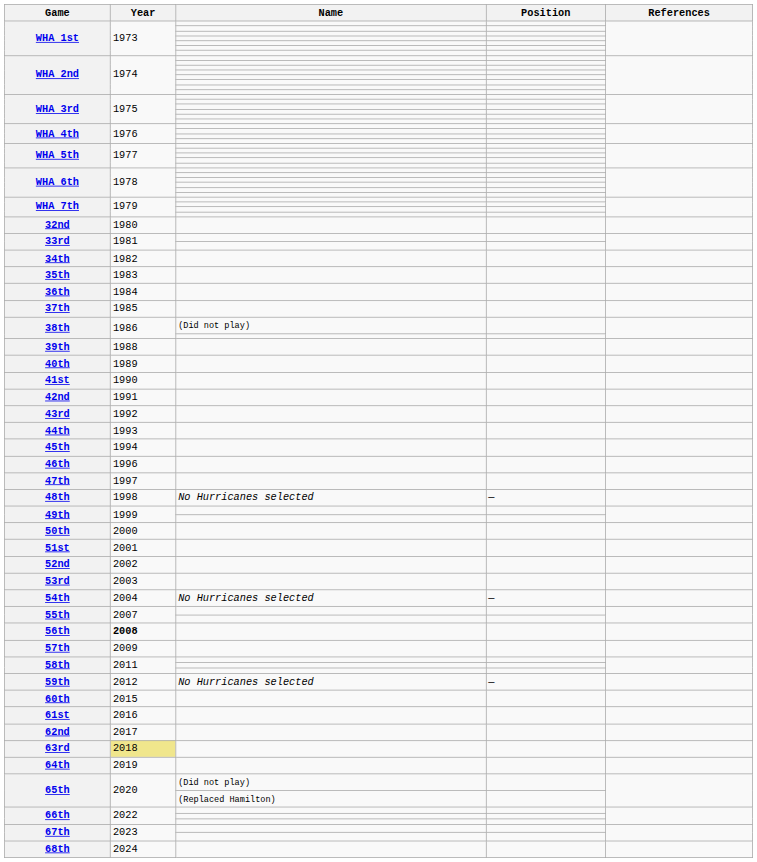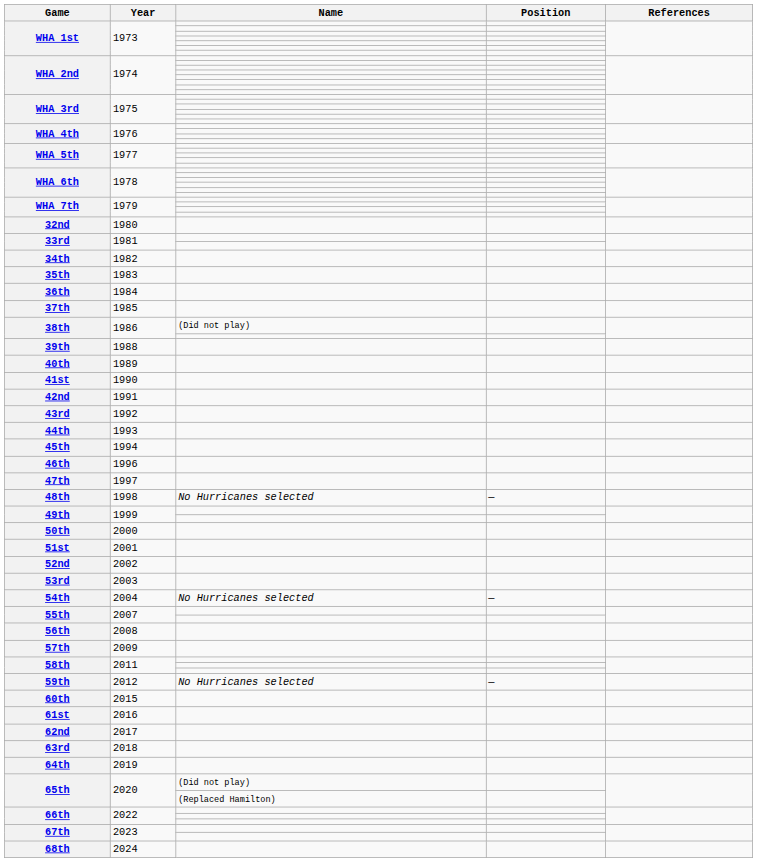 <table class="wikitable sortable" width="75%">
 <tr>
 <th scope="col">Game</th>
 <th scope="col">Year</th>
 <th scope="col">Name</th>
 <th scope="col">Position</th>
 <th scope="col" class="unsortable">References</th>
 </tr>
 <tr>
 <th scope="row" rowspan="7"><a href='#'>WHA 1st</a></th>
 <td rowspan="7">1973</td>
 <td></td>
 <td></td>
 <td rowspan="7"></td>
 </tr>
 <tr>
 <td></td>
 <td></td>
 </tr>
 <tr>
 <td></td>
 <td></td>
 </tr>
 <tr>
 <td></td>
 <td></td>
 </tr>
 <tr>
 <td></td>
 <td></td>
 </tr>
 <tr>
 <td></td>
 <td></td>
 </tr>
 <tr>
 <td></td>
 <td></td>
 </tr>
 <tr>
 <th scope="row" rowspan="8"><a href='#'>WHA 2nd</a></th>
 <td rowspan="8">1974</td>
 <td></td>
 <td></td>
 <td rowspan="8"></td>
 </tr>
 <tr>
 <td></td>
 <td></td>
 </tr>
 <tr>
 <td></td>
 <td></td>
 </tr>
 <tr>
 <td></td>
 <td></td>
 </tr>
 <tr>
 <td></td>
 <td></td>
 </tr>
 <tr>
 <td></td>
 <td></td>
 </tr>
 <tr>
 <td></td>
 <td></td>
 </tr>
 <tr>
 <td></td>
 <td></td>
 </tr>
 <tr>
 <th scope="row" rowspan="6"><a href='#'>WHA 3rd</a></th>
 <td rowspan="6">1975</td>
 <td></td>
 <td></td>
 <td rowspan="6"></td>
 </tr>
 <tr>
 <td></td>
 <td></td>
 </tr>
 <tr>
 <td></td>
 <td></td>
 </tr>
 <tr>
 <td></td>
 <td></td>
 </tr>
 <tr>
 <td></td>
 <td></td>
 </tr>
 <tr>
 <td></td>
 <td></td>
 </tr>
 <tr>
 <th scope="row" rowspan="4"><a href='#'>WHA 4th</a></th>
 <td rowspan="4">1976</td>
 <td></td>
 <td></td>
 <td rowspan="4"></td>
 </tr>
 <tr>
 <td></td>
 <td></td>
 </tr>
 <tr>
 <td></td>
 <td></td>
 </tr>
 <tr>
 <td></td>
 <td></td>
 </tr>
 <tr>
 <th scope="row" rowspan="5"><a href='#'>WHA 5th</a></th>
 <td rowspan="5">1977</td>
 <td></td>
 <td></td>
 <td rowspan="5"></td>
 </tr>
 <tr>
 <td></td>
 <td></td>
 </tr>
 <tr>
 <td></td>
 <td></td>
 </tr>
 <tr>
 <td></td>
 <td></td>
 </tr>
 <tr>
 <td></td>
 <td></td>
 </tr>
 <tr>
 <th scope="row" rowspan="6"><a href='#'>WHA 6th</a></th>
 <td rowspan="6">1978</td>
 <td></td>
 <td></td>
 <td rowspan="6"></td>
 </tr>
 <tr>
 <td></td>
 <td></td>
 </tr>
 <tr>
 <td></td>
 <td></td>
 </tr>
 <tr>
 <td></td>
 <td></td>
 </tr>
 <tr>
 <td></td>
 <td></td>
 </tr>
 <tr>
 <td></td>
 <td></td>
 </tr>
 <tr>
 <th scope="row" rowspan="4"><a href='#'>WHA 7th</a></th>
 <td rowspan="4">1979</td>
 <td></td>
 <td></td>
 <td rowspan="4"></td>
 </tr>
 <tr>
 <td></td>
 <td></td>
 </tr>
 <tr>
 <td></td>
 <td></td>
 </tr>
 <tr>
 <td></td>
 <td></td>
 </tr>
 <tr>
 <th scope="row"><a href='#'>32nd</a></th>
 <td>1980</td>
 <td></td>
 <td></td>
 <td></td>
 </tr>
 <tr>
 <th scope="row" rowspan="2"><a href='#'>33rd</a></th>
 <td rowspan="2">1981</td>
 <td></td>
 <td></td>
 <td rowspan="2"></td>
 </tr>
 <tr>
 <td></td>
 <td></td>
 </tr>
 <tr>
 <th scope="row"><a href='#'>34th</a></th>
 <td>1982</td>
 <td></td>
 <td></td>
 <td></td>
 </tr>
 <tr>
 <th scope="row"><a href='#'>35th</a></th>
 <td>1983</td>
 <td></td>
 <td></td>
 <td></td>
 </tr>
 <tr>
 <th scope="row"><a href='#'>36th</a></th>
 <td>1984</td>
 <td></td>
 <td></td>
 <td></td>
 </tr>
 <tr>
 <th scope="row"><a href='#'>37th</a></th>
 <td>1985</td>
 <td></td>
 <td></td>
 <td></td>
 </tr>
 <tr>
 <th scope="row" rowspan="2"><a href='#'>38th</a></th>
 <td rowspan="2">1986</td>
 <td> <small>(Did not play)</small></td>
 <td></td>
 <td rowspan="2"></td>
 </tr>
 <tr>
 <td></td>
 <td></td>
 </tr>
 <tr>
 <th scope="row"><a href='#'>39th</a></th>
 <td>1988</td>
 <td></td>
 <td></td>
 <td></td>
 </tr>
 <tr>
 <th scope="row"><a href='#'>40th</a></th>
 <td>1989</td>
 <td></td>
 <td></td>
 <td></td>
 </tr>
 <tr>
 <th scope="row"><a href='#'>41st</a></th>
 <td>1990</td>
 <td></td>
 <td></td>
 <td></td>
 </tr>
 <tr>
 <th scope="row"><a href='#'>42nd</a></th>
 <td>1991</td>
 <td></td>
 <td></td>
 <td></td>
 </tr>
 <tr>
 <th scope="row"><a href='#'>43rd</a></th>
 <td>1992</td>
 <td></td>
 <td></td>
 <td></td>
 </tr>
 <tr>
 <th scope="row"><a href='#'>44th</a></th>
 <td>1993</td>
 <td></td>
 <td></td>
 <td></td>
 </tr>
 <tr>
 <th scope="row"><a href='#'>45th</a></th>
 <td>1994</td>
 <td></td>
 <td></td>
 <td></td>
 </tr>
 <tr>
 <th scope="row"><a href='#'>46th</a></th>
 <td>1996</td>
 <td></td>
 <td></td>
 <td></td>
 </tr>
 <tr>
 <th scope="row"><a href='#'>47th</a></th>
 <td>1997</td>
 <td></td>
 <td></td>
 <td></td>
 </tr>
 <tr>
 <th scope="row"><a href='#'>48th</a></th>
 <td>1998</td>
 <td><em>No Hurricanes selected</em></td>
 <td>—</td>
 <td></td>
 </tr>
 <tr>
 <th scope="row" rowspan="2"><a href='#'>49th</a></th>
 <td rowspan="2">1999</td>
 <td></td>
 <td></td>
 <td rowspan="2"></td>
 </tr>
 <tr>
 <td></td>
 <td></td>
 </tr>
 <tr>
 <th scope="row"><a href='#'>50th</a></th>
 <td>2000</td>
 <td></td>
 <td></td>
 <td></td>
 </tr>
 <tr>
 <th scope="row"><a href='#'>51st</a></th>
 <td>2001</td>
 <td></td>
 <td></td>
 <td></td>
 </tr>
 <tr>
 <th scope="row"><a href='#'>52nd</a></th>
 <td>2002</td>
 <td></td>
 <td></td>
 <td></td>
 </tr>
 <tr>
 <th scope="row"><a href='#'>53rd</a></th>
 <td>2003</td>
 <td></td>
 <td></td>
 <td></td>
 </tr>
 <tr>
 <th scope="row"><a href='#'>54th</a></th>
 <td>2004</td>
 <td><em>No Hurricanes selected</em></td>
 <td>—</td>
 <td></td>
 </tr>
 <tr>
 <th scope="row" rowspan="2"><a href='#'>55th</a></th>
 <td rowspan="2">2007</td>
 <td></td>
 <td></td>
 <td rowspan="2"></td>
 </tr>
 <tr>
 <td></td>
 <td></td>
 </tr>
 <tr>
 <th scope="row"><a href='#'>56th</a></th>
-<td><strong>2008</strong></td>
+<td>2008</td>
 <td></td>
 <td></td>
 <td></td>
 </tr>
 <tr>
 <th scope="row"><a href='#'>57th</a></th>
 <td>2009</td>
 <td></td>
 <td></td>
 <td></td>
 </tr>
 <tr>
 <th scope="row" rowspan="3"><a href='#'>58th</a></th>
 <td rowspan="3">2011</td>
 <td></td>
 <td></td>
 <td rowspan="3"></td>
 </tr>
 <tr>
 <td></td>
 <td></td>
 </tr>
 <tr>
 <td></td>
 <td></td>
 </tr>
 <tr>
 <th scope="row"><a href='#'>59th</a></th>
 <td>2012</td>
 <td><em>No Hurricanes selected</em></td>
 <td>—</td>
 <td></td>
 </tr>
 <tr>
 <th scope="row"><a href='#'>60th</a></th>
 <td>2015</td>
 <td></td>
 <td></td>
 <td></td>
 </tr>
 <tr>
 <th scope="row"><a href='#'>61st</a></th>
 <td>2016</td>
 <td></td>
 <td></td>
 <td></td>
 </tr>
 <tr>
 <th scope="row"><a href='#'>62nd</a></th>
 <td>2017</td>
 <td></td>
 <td></td>
 <td></td>
 </tr>
 <tr>
 <th scope="row"><a href='#'>63rd</a></th>
-<td style="background: khaki;">2018</td>
+<td>2018</td>
 <td></td>
 <td></td>
 <td></td>
 </tr>
 <tr>
 <th scope="row"><a href='#'>64th</a></th>
 <td>2019</td>
 <td></td>
 <td></td>
 <td></td>
 </tr>
 <tr>
 <th scope="row"  rowspan="2"><a href='#'>65th</a></th>
 <td rowspan="2">2020</td>
 <td> <small>(Did not play)</small></td>
 <td></td>
 <td rowspan="2"></td>
 </tr>
 <tr>
 <td> <small>(Replaced Hamilton)</small></td>
 <td></td>
 </tr>
 <tr>
 <th scope="row" rowspan="3"><a href='#'>66th</a></th>
 <td rowspan="3">2022</td>
 <td></td>
 <td></td>
 <td rowspan="3"></td>
 </tr>
 <tr>
 <td></td>
 <td></td>
 </tr>
 <tr>
 <td></td>
 <td></td>
 </tr>
 <tr>
 <th scope="row" rowspan="2"><a href='#'>67th</a></th>
 <td rowspan="2">2023</td>
 <td></td>
 <td></td>
 <td rowspan="2"></td>
 </tr>
 <tr>
 <td></td>
 <td></td>
 </tr>
 <tr>
 <th scope="row"><a href='#'>68th</a></th>
 <td>2024</td>
 <td></td>
 <td></td>
 <td></td>
 </tr>
 </table>
